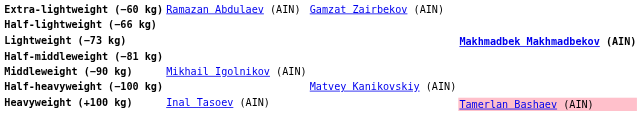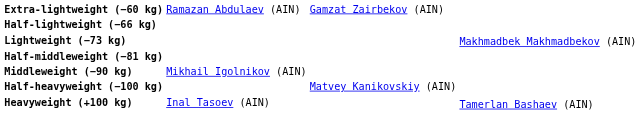 <table>
 <tr>
 <th rowspan=2 style="text-align:left;">Extra-lightweight (−60 kg)</th>
 <td rowspan=2> <a href='#'>Ramazan Abdulaev</a> <span>(<abbr>AIN</abbr>)</span></td>
 <td rowspan=2> <a href='#'>Gamzat Zairbekov</a> <span>(<abbr>AIN</abbr>)</span></td>
 <td></td>
 </tr>
 <tr>
 <td></td>
 </tr>
 <tr>
 <th rowspan=2 style="text-align:left;">Half-lightweight (−66 kg)</th>
 <td rowspan=2></td>
 <td rowspan=2></td>
 <td></td>
 </tr>
 <tr>
 <td></td>
 </tr>
 <tr>
 <th rowspan=2 style="text-align:left;">Lightweight (−73 kg)</th>
 <td rowspan=2></td>
 <td rowspan=2></td>
 <td></td>
 </tr>
 <tr>
-<td><strong> <a href='#'>Makhmadbek Makhmadbekov</a> <span>(<abbr>AIN</abbr>)</span></strong></td>
+<td> <a href='#'>Makhmadbek Makhmadbekov</a> <span>(<abbr>AIN</abbr>)</span></td>
 </tr>
 <tr>
 <th rowspan=2 style="text-align:left;">Half-middleweight (−81 kg)</th>
 <td rowspan=2></td>
 <td rowspan=2></td>
 <td></td>
 </tr>
 <tr>
 <td></td>
 </tr>
 <tr>
 <th rowspan=2 style="text-align:left;">Middleweight (−90 kg)</th>
 <td rowspan=2> <a href='#'>Mikhail Igolnikov</a> <span>(<abbr>AIN</abbr>)</span></td>
 <td rowspan=2></td>
 <td></td>
 </tr>
 <tr>
 <td></td>
 </tr>
 <tr>
 <th rowspan=2 style="text-align:left;">Half-heavyweight (−100 kg)</th>
 <td rowspan=2></td>
 <td rowspan=2> <a href='#'>Matvey Kanikovskiy</a> <span>(<abbr>AIN</abbr>)</span></td>
 <td></td>
 </tr>
 <tr>
 <td></td>
 </tr>
 <tr>
 <th rowspan=2 style="text-align:left;">Heavyweight (+100 kg)</th>
 <td rowspan=2> <a href='#'>Inal Tasoev</a> <span>(<abbr>AIN</abbr>)</span></td>
 <td rowspan=2></td>
 <td></td>
 </tr>
 <tr>
-<td style="background: pink;"> <a href='#'>Tamerlan Bashaev</a> <span>(<abbr>AIN</abbr>)</span></td>
+<td> <a href='#'>Tamerlan Bashaev</a> <span>(<abbr>AIN</abbr>)</span></td>
 </tr>
 </table>
